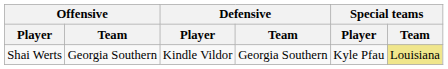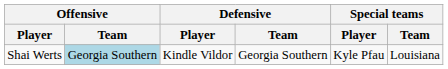 <table class="wikitable">
 <tr>
 <th colspan="2">Offensive</th>
 <th colspan="2">Defensive</th>
 <th colspan="2">Special teams</th>
 </tr>
 <tr>
 <th>Player</th>
 <th>Team</th>
 <th>Player</th>
 <th>Team</th>
 <th>Player</th>
 <th>Team</th>
 </tr>
 <tr>
 <td>Shai Werts</td>
-<td>Georgia Southern</td>
+<td style="background: lightblue;">Georgia Southern</td>
 <td>Kindle Vildor</td>
 <td>Georgia Southern</td>
 <td>Kyle Pfau</td>
-<td style="background: khaki;">Louisiana</td>
+<td>Louisiana</td>
 </tr>
 </table>
